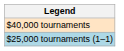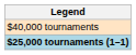 <table class=wikitable style=font-size:85%>
 <tr>
 <th>Legend</th>
 </tr>
 <tr bgcolor=ffe4c4>
 <td>$40,000 tournaments</td>
 </tr>
 <tr bgcolor=lightblue>
-<td>$25,000 tournaments (1–1)</td>
+<td><strong>$25,000 tournaments (1–1)</strong></td>
 </tr>
 </table>
